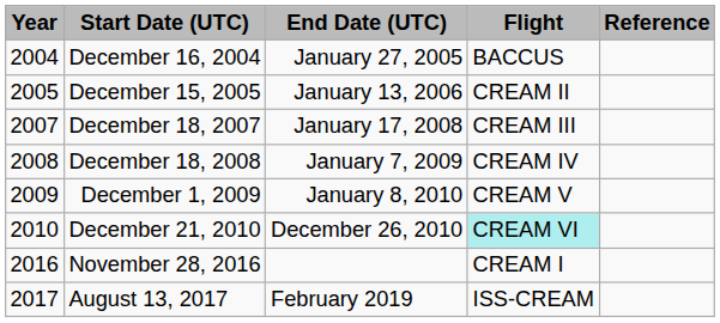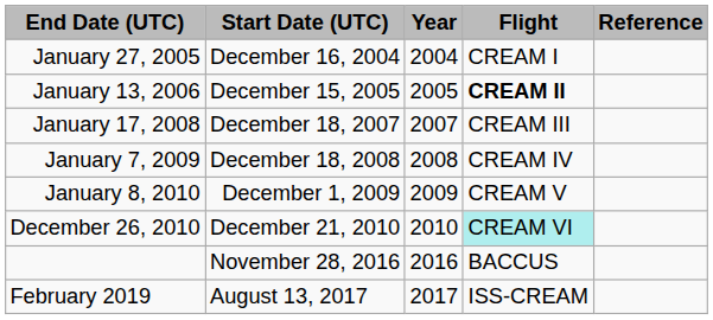 <table class="wikitable" style="margin: 1em auto 1em auto; text-align:left;">
 <tr style="text-align:center; background:#BBB;">
+<td><strong>End Date (UTC)</strong></td>
+<td><strong>Start Date (UTC)</strong></td>
 <td><strong>Year</strong></td>
-<td><strong>Start Date (UTC)</strong></td>
-<td><strong>End Date (UTC)</strong></td>
 <td><strong>Flight</strong></td>
 <td><strong>Reference</strong></td>
 </tr>
 <tr>
+<td style="text-align:right; nowrap;">January 27, 2005</td>
+<td style="text-align:right; nowrap;">December 16, 2004</td>
 <td>2004</td>
-<td style="text-align:right; nowrap;">December 16, 2004</td>
-<td style="text-align:right; nowrap;">January 27, 2005</td>
+<td>CREAM I</td>
+<td></td>
+</tr>
+<tr>
+<td style="text-align:right; nowrap;">January 13, 2006</td>
+<td style="text-align:right; nowrap;">December 15, 2005</td>
+<td>2005</td>
+<td><strong>CREAM II</strong></td>
+<td></td>
+</tr>
+<tr>
+<td style="text-align:right; nowrap;">January 17, 2008</td>
+<td style="text-align:right; nowrap;">December 18, 2007</td>
+<td>2007</td>
+<td>CREAM III</td>
+<td></td>
+</tr>
+<tr>
+<td style="text-align:right; nowrap;">January 7, 2009</td>
+<td style="text-align:right; nowrap;">December 18, 2008</td>
+<td>2008</td>
+<td>CREAM IV</td>
+<td></td>
+</tr>
+<tr>
+<td style="text-align:right; nowrap;">January 8, 2010</td>
+<td style="text-align:right; nowrap;">December 1, 2009</td>
+<td>2009</td>
+<td>CREAM V</td>
+<td></td>
+</tr>
+<tr>
+<td style="text-align:right; nowrap;">December 26, 2010</td>
+<td style="text-align:right; nowrap;">December 21, 2010</td>
+<td>2010</td>
+<td style="background: paleturquoise;">CREAM VI</td>
+<td></td>
+</tr>
+<tr>
+<td></td>
+<td style="text-align:right; nowrap;">November 28, 2016</td>
+<td>2016</td>
 <td>BACCUS</td>
 <td></td>
 </tr>
 <tr>
-<td>2005</td>
-<td style="text-align:right; nowrap;">December 15, 2005</td>
-<td style="text-align:right; nowrap;">January 13, 2006</td>
-<td>CREAM II</td>
-<td></td>
-</tr>
-<tr>
-<td>2007</td>
-<td style="text-align:right; nowrap;">December 18, 2007</td>
-<td style="text-align:right; nowrap;">January 17, 2008</td>
-<td>CREAM III</td>
-<td></td>
-</tr>
-<tr>
-<td>2008</td>
-<td style="text-align:right; nowrap;">December 18, 2008</td>
-<td style="text-align:right; nowrap;">January 7, 2009</td>
-<td>CREAM IV</td>
-<td></td>
-</tr>
-<tr>
-<td>2009</td>
-<td style="text-align:right; nowrap;">December 1, 2009</td>
-<td style="text-align:right; nowrap;">January 8, 2010</td>
-<td>CREAM V</td>
-<td></td>
-</tr>
-<tr>
-<td>2010</td>
-<td style="text-align:right; nowrap;">December 21, 2010</td>
-<td style="text-align:right; nowrap;">December 26, 2010</td>
-<td style="background: paleturquoise;">CREAM VI</td>
-<td></td>
-</tr>
-<tr>
-<td>2016</td>
-<td style="text-align:right; nowrap;">November 28, 2016</td>
-<td></td>
-<td>CREAM I</td>
-<td></td>
-</tr>
-<tr>
+<td style=“text-align:right; nowrap;”>February 2019</td>
+<td style=“text-align:right; nowrap;”>August 13, 2017</td>
 <td>2017</td>
-<td style=“text-align:right; nowrap;”>August 13, 2017</td>
-<td style=“text-align:right; nowrap;”>February 2019</td>
 <td>ISS-CREAM</td>
 <td></td>
 </tr>
 </table>
